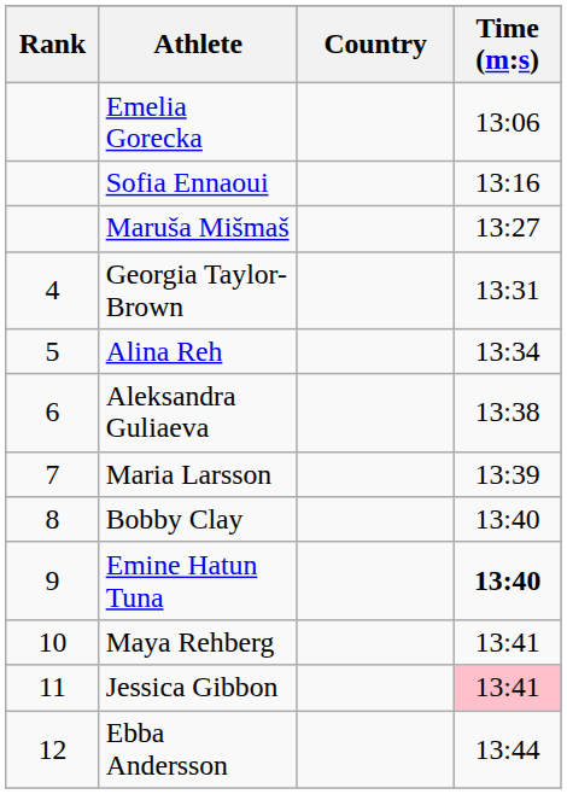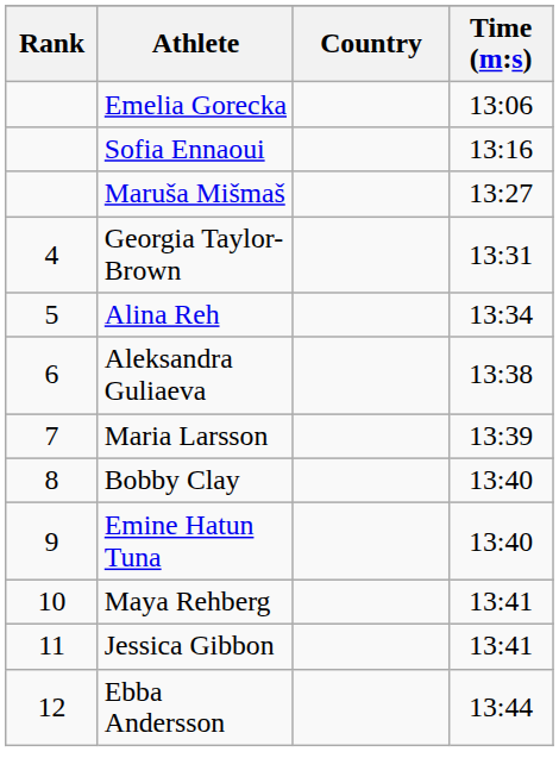 <table class="wikitable" style="text-align:center;" width="50%">
 <tr>
 </tr>
 <tr>
 <th width=5%>Rank</th>
 <th width=20%>Athlete</th>
 <th width=15%>Country</th>
 <th width=10%>Time (<a href='#'>m</a>:<a href='#'>s</a>)</th>
 </tr>
 <tr>
 <td></td>
 <td align="left"><a href='#'>Emelia Gorecka</a></td>
 <td align="left"></td>
 <td>13:06</td>
 </tr>
 <tr>
 <td></td>
 <td align="left"><a href='#'>Sofia Ennaoui</a></td>
 <td align="left"></td>
 <td>13:16</td>
 </tr>
 <tr>
 <td></td>
 <td align="left"><a href='#'>Maruša Mišmaš</a></td>
 <td align="left"></td>
 <td>13:27</td>
 </tr>
 <tr>
 <td>4</td>
 <td align="left">Georgia Taylor-Brown</td>
 <td align="left"></td>
 <td>13:31</td>
 </tr>
 <tr>
 <td>5</td>
 <td align="left"><a href='#'>Alina Reh</a></td>
 <td align="left"></td>
 <td>13:34</td>
 </tr>
 <tr>
 <td>6</td>
 <td align="left">Aleksandra Guliaeva</td>
 <td align="left"></td>
 <td>13:38</td>
 </tr>
 <tr>
 <td>7</td>
 <td align="left">Maria Larsson</td>
 <td align="left"></td>
 <td>13:39</td>
 </tr>
 <tr>
 <td>8</td>
 <td align="left">Bobby Clay</td>
 <td align="left"></td>
 <td>13:40</td>
 </tr>
 <tr>
 <td>9</td>
 <td align="left"><a href='#'>Emine Hatun Tuna</a></td>
 <td align="left"></td>
-<td><strong>13:40</strong></td>
+<td>13:40</td>
 </tr>
 <tr>
 <td>10</td>
 <td align="left">Maya Rehberg</td>
 <td align="left"></td>
 <td>13:41</td>
 </tr>
 <tr>
 <td>11</td>
 <td align="left">Jessica Gibbon</td>
 <td align="left"></td>
-<td style="background: pink;">13:41</td>
+<td>13:41</td>
 </tr>
 <tr>
 <td>12</td>
 <td align="left">Ebba Andersson</td>
 <td align="left"></td>
 <td>13:44</td>
 </tr>
 </table>
